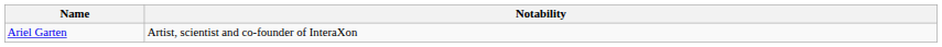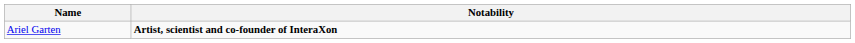 <table class="wikitable sortable" style="width: 100%;">
 <tr>
 <th>Name</th>
 <th width="85%" class="unsortable">Notability</th>
 </tr>
 <tr valign="top">
 <td><a href='#'>Ariel Garten</a></td>
-<td>Artist, scientist and co-founder of InteraXon</td>
+<td><strong>Artist, scientist and co-founder of InteraXon</strong></td>
 </tr>
 </table>
